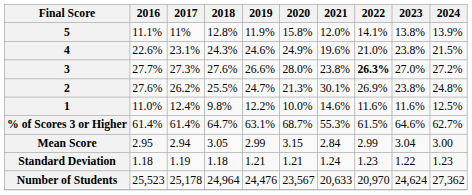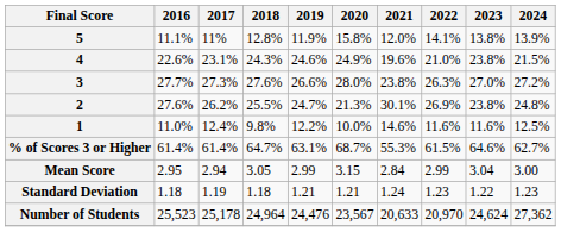 <table class="wikitable">
 <tr>
 <th>Final Score</th>
 <th>2016</th>
 <th>2017</th>
 <th>2018</th>
 <th>2019</th>
 <th>2020</th>
 <th>2021</th>
 <th>2022</th>
 <th>2023</th>
 <th>2024</th>
 </tr>
 <tr>
 <th>5</th>
 <td>11.1%</td>
 <td>11%</td>
 <td>12.8%</td>
 <td>11.9%</td>
 <td>15.8%</td>
 <td>12.0%</td>
 <td>14.1%</td>
 <td>13.8%</td>
 <td>13.9%</td>
 </tr>
 <tr>
 <th>4</th>
 <td>22.6%</td>
 <td>23.1%</td>
 <td>24.3%</td>
 <td>24.6%</td>
 <td>24.9%</td>
 <td>19.6%</td>
 <td>21.0%</td>
 <td>23.8%</td>
 <td>21.5%</td>
 </tr>
 <tr>
 <th>3</th>
 <td>27.7%</td>
 <td>27.3%</td>
 <td>27.6%</td>
 <td>26.6%</td>
 <td>28.0%</td>
 <td>23.8%</td>
-<td><strong>26.3%</strong></td>
+<td>26.3%</td>
 <td>27.0%</td>
 <td>27.2%</td>
 </tr>
 <tr>
 <th>2</th>
 <td>27.6%</td>
 <td>26.2%</td>
 <td>25.5%</td>
 <td>24.7%</td>
 <td>21.3%</td>
 <td>30.1%</td>
 <td>26.9%</td>
 <td>23.8%</td>
 <td>24.8%</td>
 </tr>
 <tr>
 <th>1</th>
 <td>11.0%</td>
 <td>12.4%</td>
 <td>9.8%</td>
 <td>12.2%</td>
 <td>10.0%</td>
 <td>14.6%</td>
 <td>11.6%</td>
 <td>11.6%</td>
 <td>12.5%</td>
 </tr>
 <tr>
 <th>% of Scores 3 or Higher</th>
 <td>61.4%</td>
 <td>61.4%</td>
 <td>64.7%</td>
 <td>63.1%</td>
 <td>68.7%</td>
 <td>55.3%</td>
 <td>61.5%</td>
 <td>64.6%</td>
 <td>62.7%</td>
 </tr>
 <tr>
 <th>Mean Score</th>
 <td>2.95</td>
 <td>2.94</td>
 <td>3.05</td>
 <td>2.99</td>
 <td>3.15</td>
 <td>2.84</td>
 <td>2.99</td>
 <td>3.04</td>
 <td>3.00</td>
 </tr>
 <tr>
 <th>Standard Deviation</th>
 <td>1.18</td>
 <td>1.19</td>
 <td>1.18</td>
 <td>1.21</td>
 <td>1.21</td>
 <td>1.24</td>
 <td>1.23</td>
 <td>1.22</td>
 <td>1.23</td>
 </tr>
 <tr>
 <th>Number of Students</th>
 <td>25,523</td>
 <td>25,178</td>
 <td>24,964</td>
 <td>24,476</td>
 <td>23,567</td>
 <td>20,633</td>
 <td>20,970</td>
 <td>24,624</td>
 <td>27,362</td>
 </tr>
 <tr>
 </tr>
 </table>
